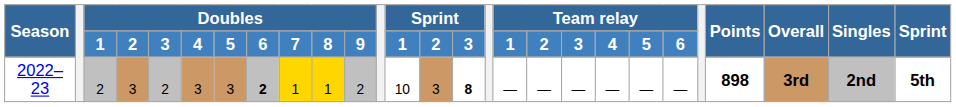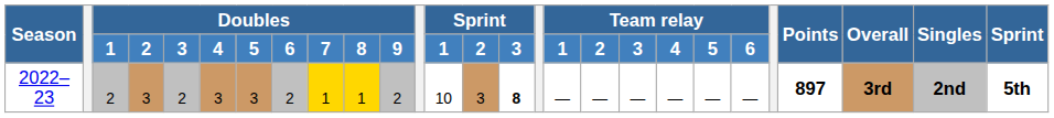 <table class="wikitable" style="font-size:95%; text-align:center; border:grey solid 1px; border-collapse:collapse; background:#ffffff;">
 <tr>
 <th rowspan="2" style="background-color:#369; color:white; width:60px">Season</th>
 <th rowspan="5" width="1px"></th>
 <th colspan="9" style="background-color:#369; color:white;">Doubles</th>
 <th rowspan="5" width="1px"></th>
 <th colspan="3" style="background-color:#369; color:white;">Sprint</th>
 <th rowspan="5" width="1px"></th>
 <th colspan="6" style="background-color:#369; color:white;">Team relay</th>
 <th rowspan="5" width="1px"></th>
 <th rowspan="2" style="background-color:#369; color:white; width:40px">Points</th>
 <th rowspan="2" style="background-color:#369; color:white; width:40px">Overall</th>
 <th rowspan="2" style="background-color:#369; color:white; width:40px">Singles</th>
 <th rowspan="2" style="background-color:#369; color:white; width:40px">Sprint</th>
 </tr>
 <tr>
 <th style="background-color:#4180be; color:white; width:30px">1</th>
 <th style="background-color:#4180be; color:white; width:30px">2</th>
 <th style="background-color:#4180be; color:white; width:30px">3</th>
 <th style="background-color:#4180be; color:white; width:30px">4</th>
 <th style="background-color:#4180be; color:white; width:30px">5</th>
 <th style="background-color:#4180be; color:white; width:30px">6</th>
 <th style="background-color:#4180be; color:white; width:30px">7</th>
 <th style="background-color:#4180be; color:white; width:30px">8</th>
 <th style="background-color:#4180be; color:white; width:30px">9</th>
 <th style="background-color:#4180be; color:white; width:30px">1</th>
 <th style="background-color:#4180be; color:white; width:30px">2</th>
 <th style="background-color:#4180be; color:white; width:30px">3</th>
 <th style="background-color:#4180be; color:white; width:30px">1</th>
 <th style="background-color:#4180be; color:white; width:30px">2</th>
 <th style="background-color:#4180be; color:white; width:30px">3</th>
 <th style="background-color:#4180be; color:white; width:30px">4</th>
 <th style="background-color:#4180be; color:white; width:30px">5</th>
 <th style="background-color:#4180be; color:white; width:30px">6</th>
 </tr>
 <tr>
 <td><a href='#'>2022–23</a></td>
 <td style="background:silver;"><br><small>2</small></td>
 <td style="background:#cc9966;"><br><small>3</small></td>
 <td style="background:silver;"><br><small>2</small></td>
 <td style="background:#cc9966;"><br><small>3</small></td>
 <td style="background:#cc9966;"><br><small>3</small></td>
-<td style="background:silver;"><strong><br><small>2</small></strong></td>
+<td style="background:silver;"><br><small>2</small></td>
 <td style="background:gold;"><br><small>1</small></td>
 <td style="background:gold;"><br><small>1</small></td>
 <td style="background:silver;"><br><small>2</small></td>
 <td><br><small>10</small></td>
 <td style="background:#cc9966;"><br><small>3</small></td>
 <td><strong><br><small>8</small></strong></td>
 <td><br><small>—</small></td>
 <td><br><small>—</small></td>
 <td><br><small>—</small></td>
 <td><br><small>—</small></td>
 <td><br><small>—</small></td>
 <td><br><small>—</small></td>
-<td><strong>898</strong></td>
+<td><strong>897</strong></td>
 <td style="background:#cc9966;"><strong>3rd</strong></td>
 <td style="background:silver;"><strong>2nd</strong></td>
 <td><strong>5th</strong></td>
 </tr>
 </table>
